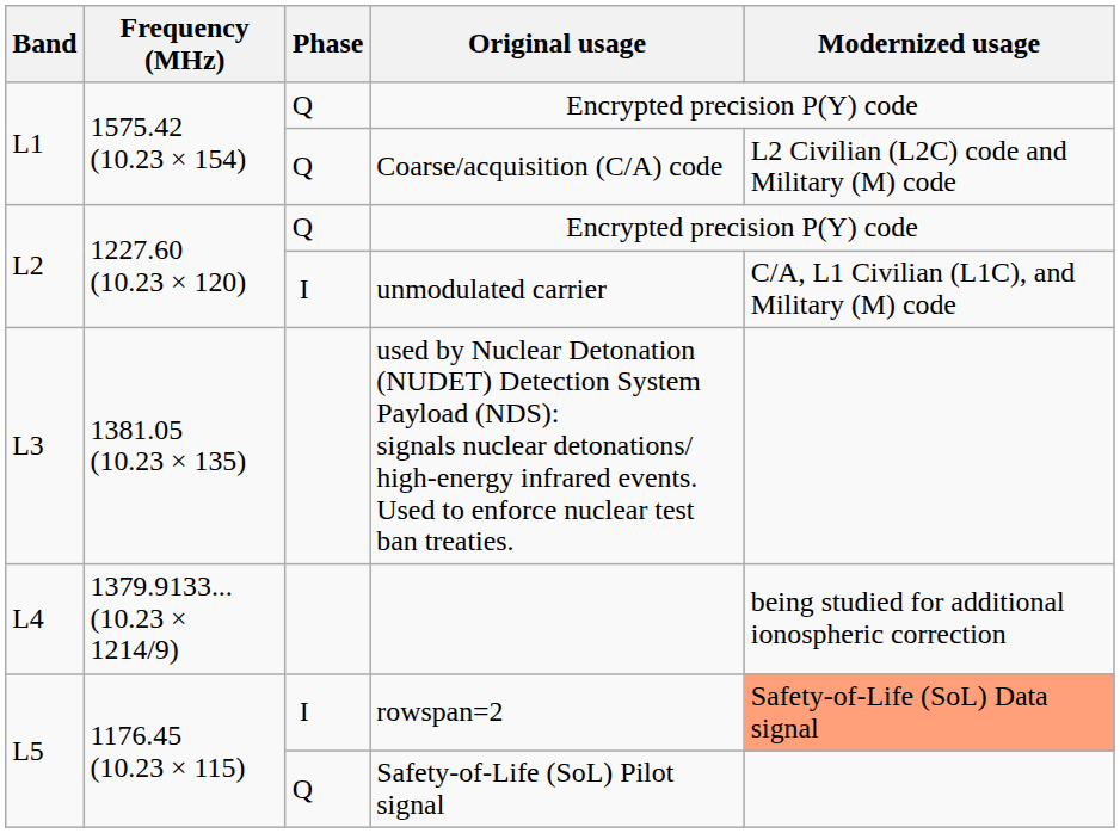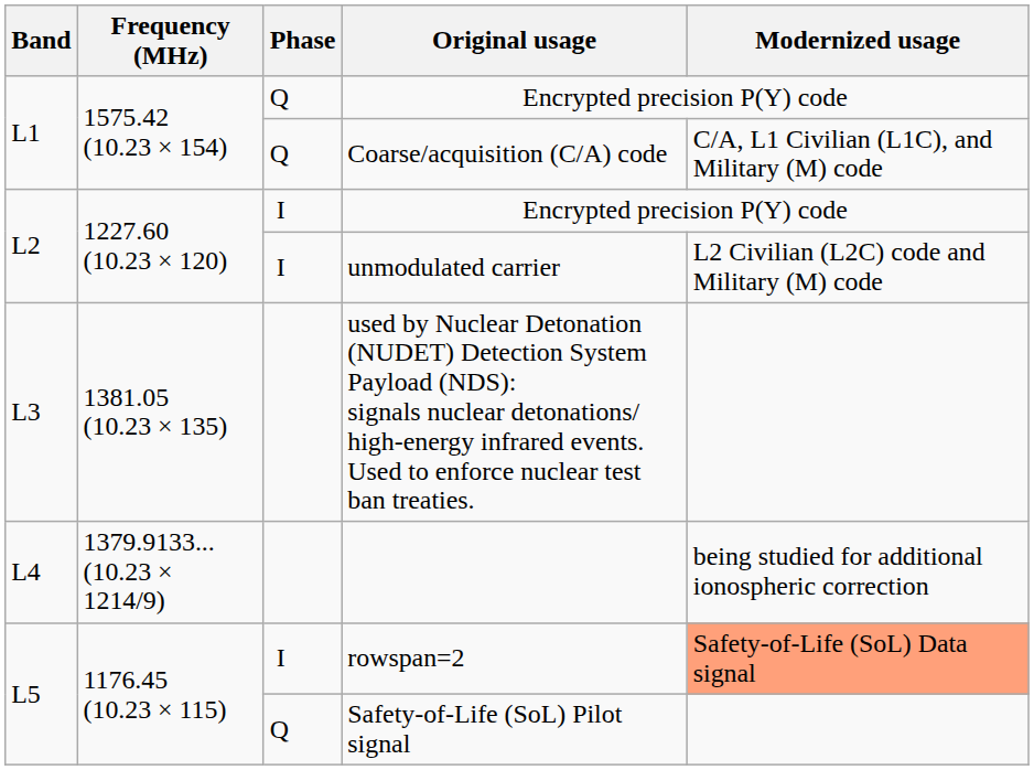 <table class="wikitable" style="float:center; margin:auto">
 <tr>
 <th>Band</th>
 <th>Frequency<br>(MHz)</th>
 <th>Phase</th>
 <th>Original usage</th>
 <th>Modernized usage</th>
 </tr>
 <tr>
 <td rowspan=2>L1</td>
 <td rowspan=2>1575.42<br>(10.23 × 154)</td>
 <td><abbr>Q</abbr></td>
 <td colspan="2" style="text-align:center;">Encrypted precision P(Y) code</td>
 </tr>
 <tr>
 <td><abbr>Q</abbr></td>
 <td>Coarse/acquisition (C/A) code</td>
-<td>L2 Civilian (L2C) code and<br>Military (M) code</td>
+<td>C/A, L1 Civilian (L1C), and<br>Military (M) code</td>
 </tr>
 <tr>
 <td rowspan=2>L2</td>
 <td rowspan=2>1227.60<br>(10.23 × 120)</td>
-<td><abbr>Q</abbr></td>
+<td> <abbr>I</abbr></td>
 <td colspan="2" style="text-align:center;">Encrypted precision P(Y) code</td>
 </tr>
 <tr>
 <td> <abbr>I</abbr></td>
 <td>unmodulated carrier</td>
-<td>C/A, L1 Civilian (L1C), and<br>Military (M) code</td>
+<td>L2 Civilian (L2C) code and<br>Military (M) code</td>
 </tr>
 <tr>
 <td>L3</td>
 <td>1381.05<br>(10.23 × 135)</td>
 <td></td>
 <td>used by Nuclear Detonation<br>(NUDET) Detection System<br>Payload (NDS):<br>signals nuclear detonations/<br>high-energy infrared events.<br>Used to enforce nuclear test<br>ban treaties.</td>
 <td></td>
 </tr>
 <tr>
 <td>L4</td>
 <td>1379.9133...<br>(10.23 × 1214/9)</td>
 <td></td>
 <td></td>
 <td>being studied for additional<br>ionospheric correction</td>
 </tr>
 <tr>
 <td rowspan=2>L5</td>
 <td rowspan=2>1176.45<br>(10.23 × 115)</td>
 <td> <abbr>I</abbr></td>
 <td>rowspan=2 </td>
 <td style="background: lightsalmon;">Safety-of-Life (SoL) Data signal</td>
 </tr>
 <tr>
 <td><abbr>Q</abbr></td>
 <td>Safety-of-Life (SoL) Pilot signal</td>
 </tr>
 </table>
